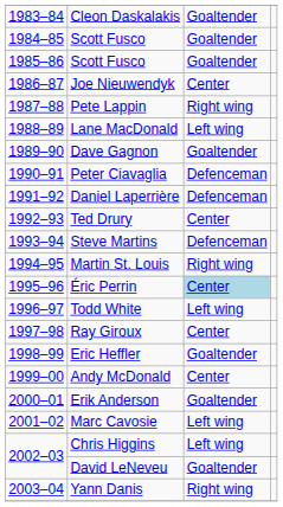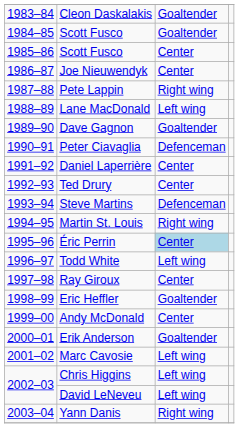 <table class="wikitable sortable">
 <tr>
 </tr>
 <tr>
 <td><a href='#'>1983–84</a></td>
 <td><a href='#'>Cleon Daskalakis</a></td>
 <td><a href='#'>Goaltender</a></td>
 <td><strong><a href='#'></a></strong></td>
 </tr>
 <tr>
 <td><a href='#'>1984–85</a></td>
 <td><a href='#'>Scott Fusco</a></td>
 <td><a href='#'>Goaltender</a></td>
 <td><strong><a href='#'></a></strong></td>
 </tr>
 <tr>
 <td><a href='#'>1985–86</a></td>
 <td><a href='#'>Scott Fusco</a></td>
-<td><a href='#'>Goaltender</a></td>
+<td><a href='#'>Center</a></td>
 <td><strong><a href='#'></a></strong></td>
 </tr>
 <tr>
 <td><a href='#'>1986–87</a></td>
 <td><a href='#'>Joe Nieuwendyk</a></td>
 <td><a href='#'>Center</a></td>
 <td><strong><a href='#'></a></strong></td>
 </tr>
 <tr>
 <td><a href='#'>1987–88</a></td>
 <td><a href='#'>Pete Lappin</a></td>
 <td><a href='#'>Right wing</a></td>
 <td><strong><a href='#'></a></strong></td>
 </tr>
 <tr>
 <td><a href='#'>1988–89</a></td>
 <td><a href='#'>Lane MacDonald</a></td>
 <td><a href='#'>Left wing</a></td>
 <td><strong><a href='#'></a></strong></td>
 </tr>
 <tr>
 <td><a href='#'>1989–90</a></td>
 <td><a href='#'>Dave Gagnon</a></td>
 <td><a href='#'>Goaltender</a></td>
 <td><strong><a href='#'></a></strong></td>
 </tr>
 <tr>
 <td><a href='#'>1990–91</a></td>
 <td><a href='#'>Peter Ciavaglia</a></td>
 <td><a href='#'>Defenceman</a></td>
 <td><strong><a href='#'></a></strong></td>
 </tr>
 <tr>
 <td><a href='#'>1991–92</a></td>
 <td><a href='#'>Daniel Laperrière</a></td>
-<td><a href='#'>Defenceman</a></td>
+<td><a href='#'>Center</a></td>
 <td><strong><a href='#'></a></strong></td>
 </tr>
 <tr>
 <td><a href='#'>1992–93</a></td>
 <td><a href='#'>Ted Drury</a></td>
 <td><a href='#'>Center</a></td>
 <td><strong><a href='#'></a></strong></td>
 </tr>
 <tr>
 <td><a href='#'>1993–94</a></td>
 <td><a href='#'>Steve Martins</a></td>
 <td><a href='#'>Defenceman</a></td>
 <td><strong><a href='#'></a></strong></td>
 </tr>
 <tr>
 <td><a href='#'>1994–95</a></td>
 <td><a href='#'>Martin St. Louis</a></td>
 <td><a href='#'>Right wing</a></td>
 <td><strong><a href='#'></a></strong></td>
 </tr>
 <tr>
 <td><a href='#'>1995–96</a></td>
 <td><a href='#'>Éric Perrin</a></td>
 <td style="background: lightblue;"><a href='#'>Center</a></td>
 <td><strong><a href='#'></a></strong></td>
 </tr>
 <tr>
 <td><a href='#'>1996–97</a></td>
 <td><a href='#'>Todd White</a></td>
 <td><a href='#'>Left wing</a></td>
 <td><strong><a href='#'></a></strong></td>
 </tr>
 <tr>
 <td><a href='#'>1997–98</a></td>
 <td><a href='#'>Ray Giroux</a></td>
 <td><a href='#'>Center</a></td>
 <td><strong><a href='#'></a></strong></td>
 </tr>
 <tr>
 <td><a href='#'>1998–99</a></td>
 <td><a href='#'>Eric Heffler</a></td>
 <td><a href='#'>Goaltender</a></td>
 <td><strong><a href='#'></a></strong></td>
 </tr>
 <tr>
 <td><a href='#'>1999–00</a></td>
 <td><a href='#'>Andy McDonald</a></td>
 <td><a href='#'>Center</a></td>
 <td><strong><a href='#'></a></strong></td>
 </tr>
 <tr>
 <td><a href='#'>2000–01</a></td>
 <td><a href='#'>Erik Anderson</a></td>
 <td><a href='#'>Goaltender</a></td>
 <td><strong><a href='#'></a></strong></td>
 </tr>
 <tr>
 <td><a href='#'>2001–02</a></td>
 <td><a href='#'>Marc Cavosie</a></td>
 <td><a href='#'>Left wing</a></td>
 <td><strong><a href='#'></a></strong></td>
 </tr>
 <tr>
 <td rowspan=2><a href='#'>2002–03</a></td>
 <td><a href='#'>Chris Higgins</a></td>
 <td><a href='#'>Left wing</a></td>
 <td><strong><a href='#'></a></strong></td>
 </tr>
 <tr>
 <td><a href='#'>David LeNeveu</a></td>
-<td><a href='#'>Goaltender</a></td>
+<td><a href='#'>Left wing</a></td>
 <td><strong><a href='#'></a></strong></td>
 </tr>
 <tr>
 <td><a href='#'>2003–04</a></td>
 <td><a href='#'>Yann Danis</a></td>
 <td><a href='#'>Right wing</a></td>
 <td><strong><a href='#'></a></strong></td>
 </tr>
 <tr>
 </tr>
 </table>
